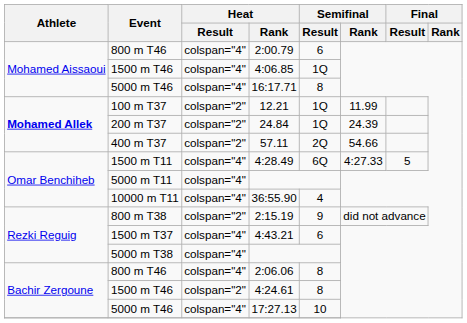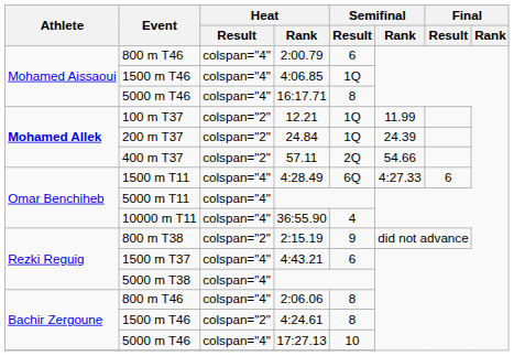 <table class="wikitable" style="text-align:center; font-size:90%">
 <tr>
 <th rowspan="2">Athlete</th>
 <th rowspan="2">Event</th>
 <th colspan="2">Heat</th>
 <th colspan="2">Semifinal</th>
 <th colspan="2">Final</th>
 </tr>
 <tr>
 <th>Result</th>
 <th>Rank</th>
 <th>Result</th>
 <th>Rank</th>
 <th>Result</th>
 <th>Rank</th>
 </tr>
 <tr>
 <td align="left" rowspan="3"><a href='#'>Mohamed Aissaoui</a></td>
 <td align=left>800 m T46</td>
 <td>colspan="4" </td>
 <td>2:00.79</td>
 <td>6</td>
 </tr>
 <tr>
 <td align=left>1500 m T46</td>
 <td>colspan="4" </td>
 <td>4:06.85</td>
 <td>1Q</td>
 </tr>
 <tr>
 <td align=left>5000 m T46</td>
 <td>colspan="4" </td>
 <td>16:17.71</td>
 <td>8</td>
 </tr>
 <tr>
 <td align="left" rowspan="3"><strong><a href='#'>Mohamed Allek</a></strong></td>
 <td align=left>100 m T37</td>
 <td>colspan="2" </td>
 <td>12.21</td>
 <td>1Q</td>
 <td>11.99 <strong></strong></td>
 <td></td>
 </tr>
 <tr>
 <td align=left>200 m T37</td>
 <td>colspan="2" </td>
 <td>24.84</td>
 <td>1Q</td>
 <td>24.39</td>
 <td></td>
 </tr>
 <tr>
 <td align=left>400 m T37</td>
 <td>colspan="2" </td>
 <td>57.11</td>
 <td>2Q</td>
 <td>54.66 <strong></strong></td>
 <td></td>
 </tr>
 <tr>
 <td align="left" rowspan="3"><a href='#'>Omar Benchiheb</a></td>
 <td align=left>1500 m T11</td>
 <td>colspan="4" </td>
 <td>4:28.49</td>
 <td>6Q</td>
 <td>4:27.33</td>
-<td>5</td>
+<td>6</td>
 </tr>
 <tr>
 <td align=left>5000 m T11</td>
 <td>colspan="4" </td>
 <td colspan=2></td>
 </tr>
 <tr>
 <td align=left>10000 m T11</td>
 <td>colspan="4" </td>
 <td>36:55.90</td>
 <td>4</td>
 </tr>
 <tr>
 <td align="left" rowspan="3"><a href='#'>Rezki Reguig</a></td>
 <td align=left>800 m T38</td>
 <td>colspan="2" </td>
 <td>2:15.19</td>
 <td>9</td>
 <td colspan=2>did not advance</td>
 </tr>
 <tr>
 <td align=left>1500 m T37</td>
 <td>colspan="4" </td>
 <td>4:43.21</td>
 <td>6</td>
 </tr>
 <tr>
 <td align=left>5000 m T38</td>
 <td>colspan="4" </td>
 <td colspan=2></td>
 </tr>
 <tr>
 <td align="left" rowspan="3"><a href='#'>Bachir Zergoune</a></td>
 <td align=left>800 m T46</td>
 <td>colspan="4" </td>
 <td>2:06.06</td>
 <td>8</td>
 </tr>
 <tr>
 <td align=left>1500 m T46</td>
 <td>colspan="2" </td>
 <td>4:24.61</td>
 <td>8</td>
 </tr>
 <tr>
 <td align=left>5000 m T46</td>
 <td>colspan="4" </td>
 <td>17:27.13</td>
 <td>10</td>
 </tr>
 <tr>
 </tr>
 </table>
